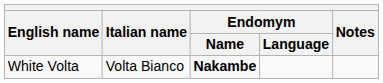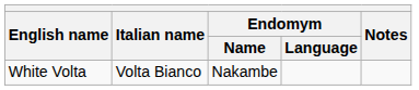 <table class="wikitable sortable">
 <tr>
 <th colspan="5"></th>
 </tr>
 <tr>
 <th rowspan="2">English name</th>
 <th rowspan="2">Italian name</th>
 <th colspan="2">Endomym</th>
 <th rowspan="2">Notes</th>
 </tr>
 <tr>
 <th>Name</th>
 <th>Language</th>
 </tr>
 <tr>
 <td>White Volta</td>
 <td>Volta Bianco</td>
-<td><strong>Nakambe</strong></td>
+<td>Nakambe</td>
 <td></td>
 <td></td>
 </tr>
 </table>
